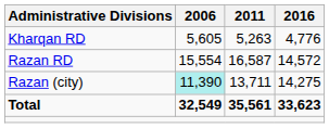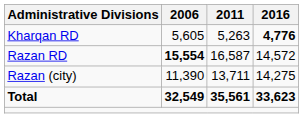 <table class="wikitable">
 <tr>
 <th>Administrative Divisions</th>
 <th>2006</th>
 <th>2011</th>
 <th>2016</th>
 </tr>
 <tr>
 <td><a href='#'>Kharqan RD</a></td>
 <td style="text-align: right;">5,605</td>
 <td style="text-align: right;">5,263</td>
-<td style="text-align: right;">4,776</td>
+<td style="text-align: right;"><strong>4,776</strong></td>
 </tr>
 <tr>
 <td><a href='#'>Razan RD</a></td>
-<td style="text-align: right;">15,554</td>
+<td style="text-align: right;"><strong>15,554</strong></td>
 <td style="text-align: right;">16,587</td>
 <td style="text-align: right;">14,572</td>
 </tr>
 <tr>
 <td><a href='#'>Razan</a> (city)</td>
-<td style="background: paleturquoise; text-align: right;">11,390</td>
+<td style="text-align: right;">11,390</td>
 <td style="text-align: right;">13,711</td>
 <td style="text-align: right;">14,275</td>
 </tr>
 <tr>
 <td><strong>Total</strong></td>
 <td style="text-align: right;"><strong>32,549</strong></td>
 <td style="text-align: right;"><strong>35,561</strong></td>
 <td style="text-align: right;"><strong>33,623</strong></td>
 </tr>
 <tr>
 <td colspan=4></td>
 </tr>
 </table>
